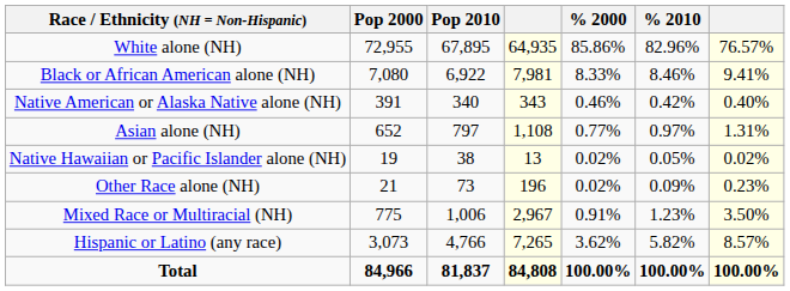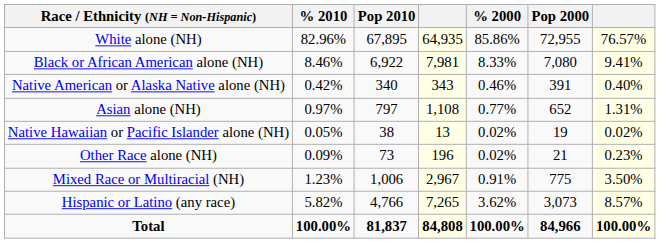 <table class="wikitable" style="text-align:center;">
 <tr>
 <th>Race / Ethnicity <small>(<em>NH = Non-Hispanic</em>)</small></th>
-<th>Pop 2000</th>
+<th>% 2010</th>
 <th>Pop 2010</th>
 <th></th>
 <th>% 2000</th>
-<th>% 2010</th>
+<th>Pop 2000</th>
 <th></th>
 </tr>
 <tr>
 <td><a href='#'>White</a> alone (NH)</td>
-<td>72,955</td>
+<td>82.96%</td>
 <td>67,895</td>
 <td style='background: #ffffe6;'>64,935</td>
 <td>85.86%</td>
-<td>82.96%</td>
+<td>72,955</td>
 <td style='background: #ffffe6;'>76.57%</td>
 </tr>
 <tr>
 <td><a href='#'>Black or African American</a> alone (NH)</td>
-<td>7,080</td>
+<td>8.46%</td>
 <td>6,922</td>
 <td style='background: #ffffe6;'>7,981</td>
 <td>8.33%</td>
-<td>8.46%</td>
+<td>7,080</td>
 <td style='background: #ffffe6;'>9.41%</td>
 </tr>
 <tr>
 <td><a href='#'>Native American</a> or <a href='#'>Alaska Native</a> alone (NH)</td>
-<td>391</td>
+<td>0.42%</td>
 <td>340</td>
 <td style='background: #ffffe6;'>343</td>
 <td>0.46%</td>
-<td>0.42%</td>
+<td>391</td>
 <td style='background: #ffffe6;'>0.40%</td>
 </tr>
 <tr>
 <td><a href='#'>Asian</a> alone (NH)</td>
-<td>652</td>
+<td>0.97%</td>
 <td>797</td>
 <td style='background: #ffffe6;'>1,108</td>
 <td>0.77%</td>
-<td>0.97%</td>
+<td>652</td>
 <td style='background: #ffffe6;'>1.31%</td>
 </tr>
 <tr>
 <td><a href='#'>Native Hawaiian</a> or <a href='#'>Pacific Islander</a> alone (NH)</td>
-<td>19</td>
+<td>0.05%</td>
 <td>38</td>
 <td style='background: #ffffe6;'>13</td>
 <td>0.02%</td>
-<td>0.05%</td>
+<td>19</td>
 <td style='background: #ffffe6;'>0.02%</td>
 </tr>
 <tr>
 <td><a href='#'>Other Race</a> alone (NH)</td>
-<td>21</td>
+<td>0.09%</td>
 <td>73</td>
 <td style='background: #ffffe6;'>196</td>
 <td>0.02%</td>
-<td>0.09%</td>
+<td>21</td>
 <td style='background: #ffffe6;'>0.23%</td>
 </tr>
 <tr>
 <td><a href='#'>Mixed Race or Multiracial</a> (NH)</td>
-<td>775</td>
+<td>1.23%</td>
 <td>1,006</td>
 <td style='background: #ffffe6;'>2,967</td>
 <td>0.91%</td>
-<td>1.23%</td>
+<td>775</td>
 <td style='background: #ffffe6;'>3.50%</td>
 </tr>
 <tr>
 <td><a href='#'>Hispanic or Latino</a> (any race)</td>
-<td>3,073</td>
+<td>5.82%</td>
 <td>4,766</td>
 <td style='background: #ffffe6;'>7,265</td>
 <td>3.62%</td>
-<td>5.82%</td>
+<td>3,073</td>
 <td style='background: #ffffe6;'>8.57%</td>
 </tr>
 <tr>
 <td><strong>Total</strong></td>
-<td><strong>84,966</strong></td>
+<td><strong>100.00%</strong></td>
 <td><strong>81,837</strong></td>
 <td style='background: #ffffe6;'><strong>84,808</strong></td>
 <td><strong>100.00%</strong></td>
-<td><strong>100.00%</strong></td>
+<td><strong>84,966</strong></td>
 <td style='background: #ffffe6;'><strong>100.00%</strong></td>
 </tr>
 </table>
